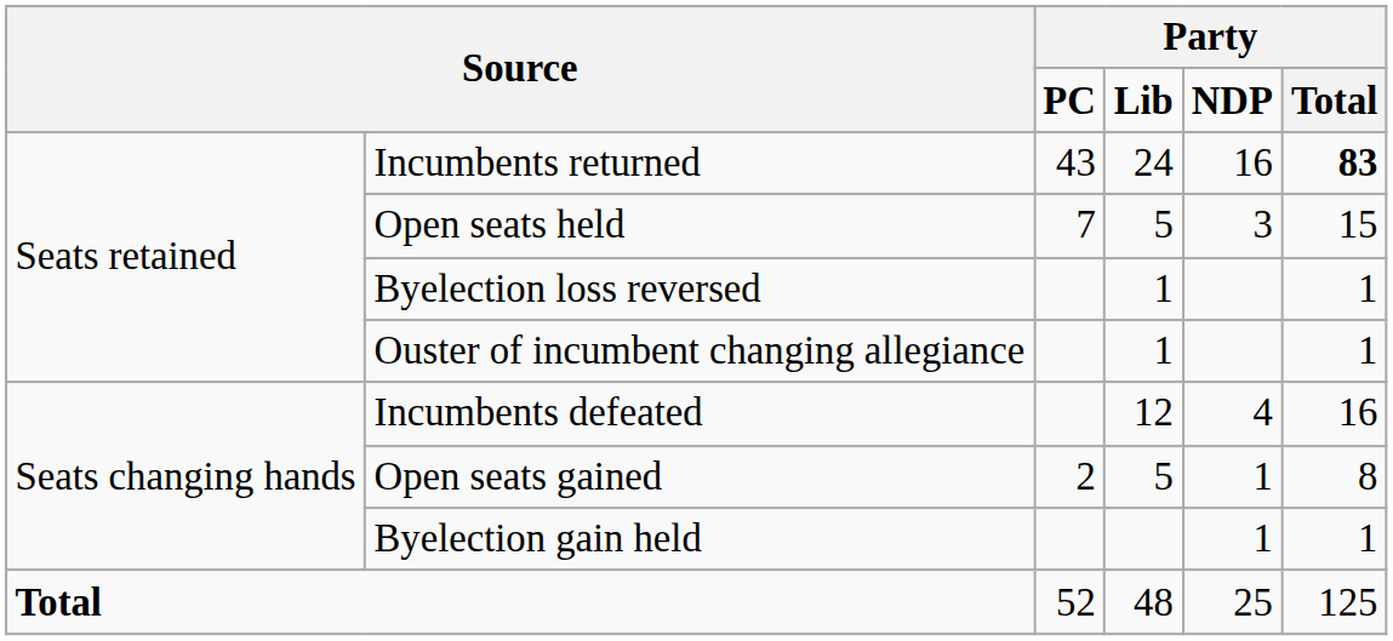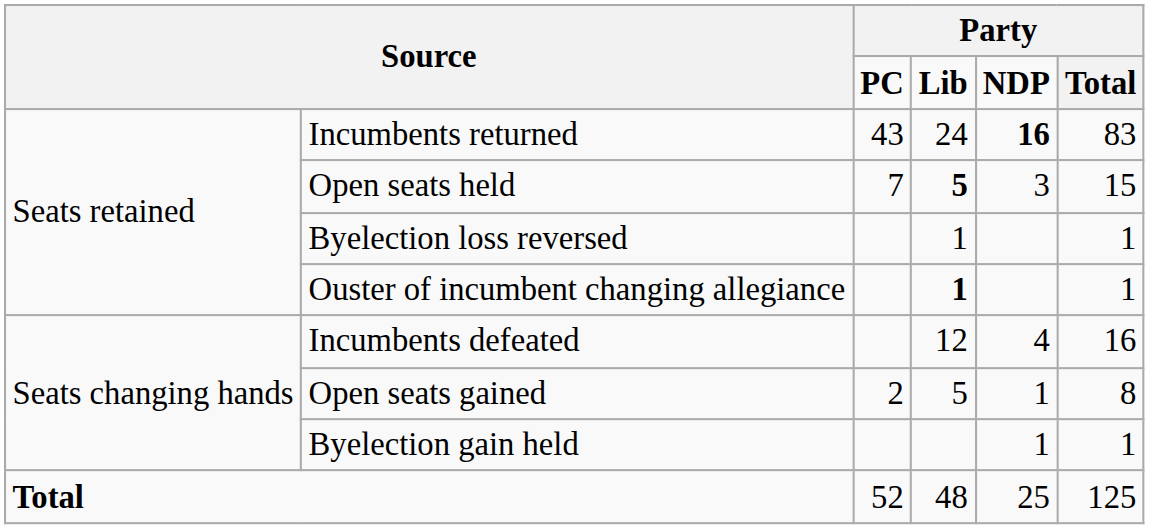 <table class="wikitable" style="text-align:right;">
 <tr>
 <th colspan="2" rowspan="2">Source</th>
 <th colspan="4">Party</th>
 </tr>
 <tr>
 <td><strong>PC</strong></td>
 <td><strong>Lib</strong></td>
 <td><strong>NDP</strong></td>
 <th>Total</th>
 </tr>
 <tr>
 <td rowspan="4" style="text-align:left;">Seats retained</td>
 <td style="text-align:left;">Incumbents returned</td>
 <td>43</td>
 <td>24</td>
-<td>16</td>
-<td><strong>83</strong></td>
+<td><strong>16</strong></td>
+<td>83</td>
 </tr>
 <tr>
 <td style="text-align:left;">Open seats held</td>
 <td>7</td>
-<td>5</td>
+<td><strong>5</strong></td>
 <td>3</td>
 <td>15</td>
 </tr>
 <tr>
 <td style="text-align:left;">Byelection loss reversed</td>
 <td></td>
 <td>1</td>
 <td></td>
 <td>1</td>
 </tr>
 <tr>
 <td style="text-align:left;">Ouster of incumbent changing allegiance</td>
 <td></td>
-<td>1</td>
+<td><strong>1</strong></td>
 <td></td>
 <td>1</td>
 </tr>
 <tr>
 <td rowspan="3" style="text-align:left;">Seats changing hands</td>
 <td style="text-align:left;">Incumbents defeated</td>
 <td></td>
 <td>12</td>
 <td>4</td>
 <td>16</td>
 </tr>
 <tr>
 <td style="text-align:left;">Open seats gained</td>
 <td>2</td>
 <td>5</td>
 <td>1</td>
 <td>8</td>
 </tr>
 <tr>
 <td style="text-align:left;">Byelection gain held</td>
 <td></td>
 <td></td>
 <td>1</td>
 <td>1</td>
 </tr>
 <tr>
 <td colspan="2" style="text-align:left;"><strong>Total</strong></td>
 <td>52</td>
 <td>48</td>
 <td>25</td>
 <td>125</td>
 </tr>
 </table>
